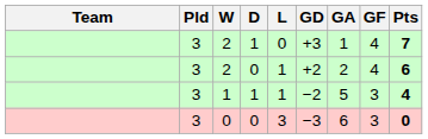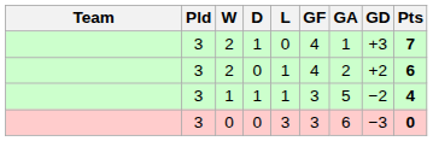 <table class=wikitable style="text-align:center">
 <tr>
 <th width=165>Team</th>
 <th width=20>Pld</th>
 <th width=20>W</th>
 <th width=20>D</th>
 <th width=20>L</th>
+<th width=20>GF</th>
+<th width=20>GA</th>
 <th width=20>GD</th>
-<th width=20>GA</th>
-<th width=20>GF</th>
 <th width=20>Pts</th>
 </tr>
 <tr bgcolor=#ccffcc>
 <td align=left></td>
 <td>3</td>
 <td>2</td>
 <td>1</td>
 <td>0</td>
+<td>4</td>
+<td>1</td>
 <td>+3</td>
-<td>1</td>
-<td>4</td>
 <td><strong>7</strong></td>
 </tr>
 <tr bgcolor=#ccffcc>
 <td align=left></td>
 <td>3</td>
 <td>2</td>
 <td>0</td>
 <td>1</td>
+<td>4</td>
+<td>2</td>
 <td>+2</td>
-<td>2</td>
-<td>4</td>
 <td><strong>6</strong></td>
 </tr>
 <tr bgcolor=#ccffcc>
 <td align=left></td>
 <td>3</td>
 <td>1</td>
 <td>1</td>
 <td>1</td>
+<td>3</td>
+<td>5</td>
 <td>−2</td>
-<td>5</td>
-<td>3</td>
 <td><strong>4</strong></td>
 </tr>
 <tr bgcolor=#ffcccc>
 <td align=left></td>
 <td>3</td>
 <td>0</td>
 <td>0</td>
 <td>3</td>
+<td>3</td>
+<td>6</td>
 <td>−3</td>
-<td>6</td>
-<td>3</td>
 <td><strong>0</strong></td>
 </tr>
 </table>
